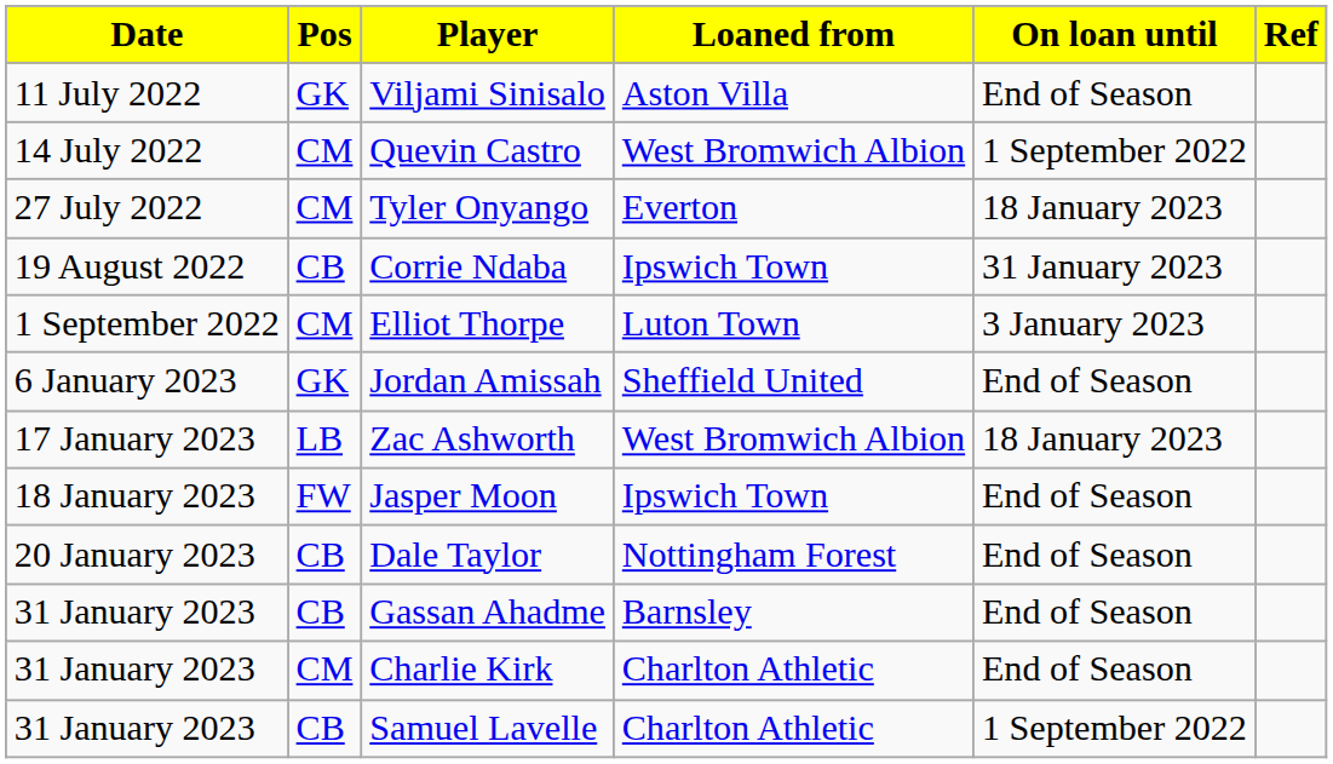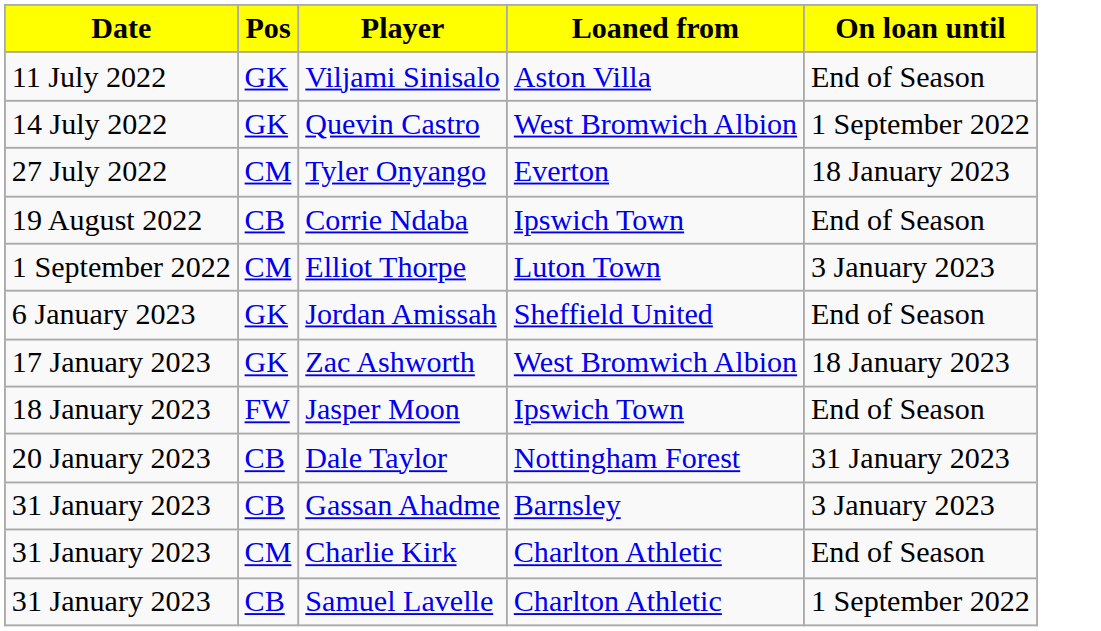 <table class="wikitable plainrowheaders sortable">
 <tr>
 <th style="background-color:#FFFF00; color:#000000; ">Date</th>
 <th style="background-color:#FFFF00; color:#000000; ">Pos</th>
 <th style="background-color:#FFFF00; color:#000000; ">Player</th>
 <th style="background-color:#FFFF00; color:#000000; ">Loaned from</th>
 <th style="background-color:#FFFF00; color:#000000; ">On loan until</th>
-<th style="background-color:#FFFF00; color:#000000; ">Ref</th>
 </tr>
 <tr>
 <td>11 July 2022</td>
 <td><a href='#'>GK</a></td>
 <td> <a href='#'>Viljami Sinisalo</a></td>
 <td> <a href='#'>Aston Villa</a></td>
 <td>End of Season</td>
-<td></td>
 </tr>
 <tr>
 <td>14 July 2022</td>
-<td><a href='#'>CM</a></td>
+<td><a href='#'>GK</a></td>
 <td> <a href='#'>Quevin Castro</a></td>
 <td> <a href='#'>West Bromwich Albion</a></td>
 <td>1 September 2022</td>
-<td></td>
 </tr>
 <tr>
 <td>27 July 2022</td>
 <td><a href='#'>CM</a></td>
 <td> <a href='#'>Tyler Onyango</a></td>
 <td> <a href='#'>Everton</a></td>
 <td>18 January 2023</td>
-<td></td>
 </tr>
 <tr>
 <td>19 August 2022</td>
 <td><a href='#'>CB</a></td>
 <td> <a href='#'>Corrie Ndaba</a></td>
 <td> <a href='#'>Ipswich Town</a></td>
-<td>31 January 2023</td>
-<td></td>
+<td>End of Season</td>
 </tr>
 <tr>
 <td>1 September 2022</td>
 <td><a href='#'>CM</a></td>
 <td> <a href='#'>Elliot Thorpe</a></td>
 <td> <a href='#'>Luton Town</a></td>
 <td>3 January 2023</td>
-<td></td>
 </tr>
 <tr>
 <td>6 January 2023</td>
 <td><a href='#'>GK</a></td>
 <td> <a href='#'>Jordan Amissah</a></td>
 <td> <a href='#'>Sheffield United</a></td>
 <td>End of Season</td>
-<td></td>
 </tr>
 <tr>
 <td>17 January 2023</td>
-<td><a href='#'>LB</a></td>
+<td><a href='#'>GK</a></td>
 <td> <a href='#'>Zac Ashworth</a></td>
 <td> <a href='#'>West Bromwich Albion</a></td>
 <td>18 January 2023</td>
-<td></td>
 </tr>
 <tr>
 <td>18 January 2023</td>
 <td><a href='#'>FW</a></td>
 <td> <a href='#'>Jasper Moon</a></td>
 <td> <a href='#'>Ipswich Town</a></td>
 <td>End of Season</td>
-<td></td>
 </tr>
 <tr>
 <td>20 January 2023</td>
 <td><a href='#'>CB</a></td>
 <td> <a href='#'>Dale Taylor</a></td>
 <td> <a href='#'>Nottingham Forest</a></td>
-<td>End of Season</td>
-<td></td>
+<td>31 January 2023</td>
 </tr>
 <tr>
 <td>31 January 2023</td>
 <td><a href='#'>CB</a></td>
 <td> <a href='#'>Gassan Ahadme</a></td>
 <td> <a href='#'>Barnsley</a></td>
-<td>End of Season</td>
-<td></td>
+<td>3 January 2023</td>
 </tr>
 <tr>
 <td>31 January 2023</td>
 <td><a href='#'>CM</a></td>
 <td> <a href='#'>Charlie Kirk</a></td>
 <td> <a href='#'>Charlton Athletic</a></td>
 <td>End of Season</td>
-<td></td>
 </tr>
 <tr>
 <td>31 January 2023</td>
 <td><a href='#'>CB</a></td>
 <td> <a href='#'>Samuel Lavelle</a></td>
 <td> <a href='#'>Charlton Athletic</a></td>
 <td>1 September 2022</td>
-<td></td>
 </tr>
 </table>
